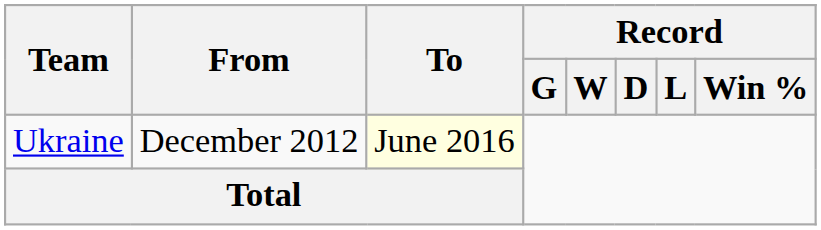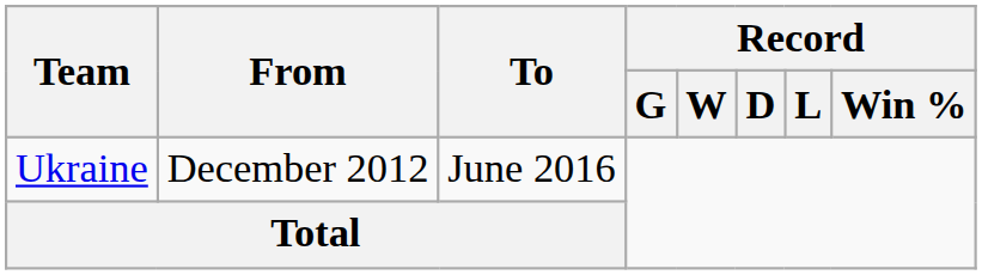 <table class="wikitable" style="text-align: center">
 <tr>
 <th rowspan="2">Team</th>
 <th rowspan="2">From</th>
 <th rowspan="2">To</th>
 <th colspan="5">Record</th>
 </tr>
 <tr>
 <th>G</th>
 <th>W</th>
 <th>D</th>
 <th>L</th>
 <th>Win %</th>
 </tr>
 <tr>
 <td align=left><a href='#'>Ukraine</a></td>
 <td align=left>December 2012</td>
-<td align=left style="background: lightyellow;">June 2016<br></td>
+<td align=left>June 2016<br></td>
 </tr>
 <tr>
 <th colspan=3>Total<br></th>
 </tr>
 </table>
